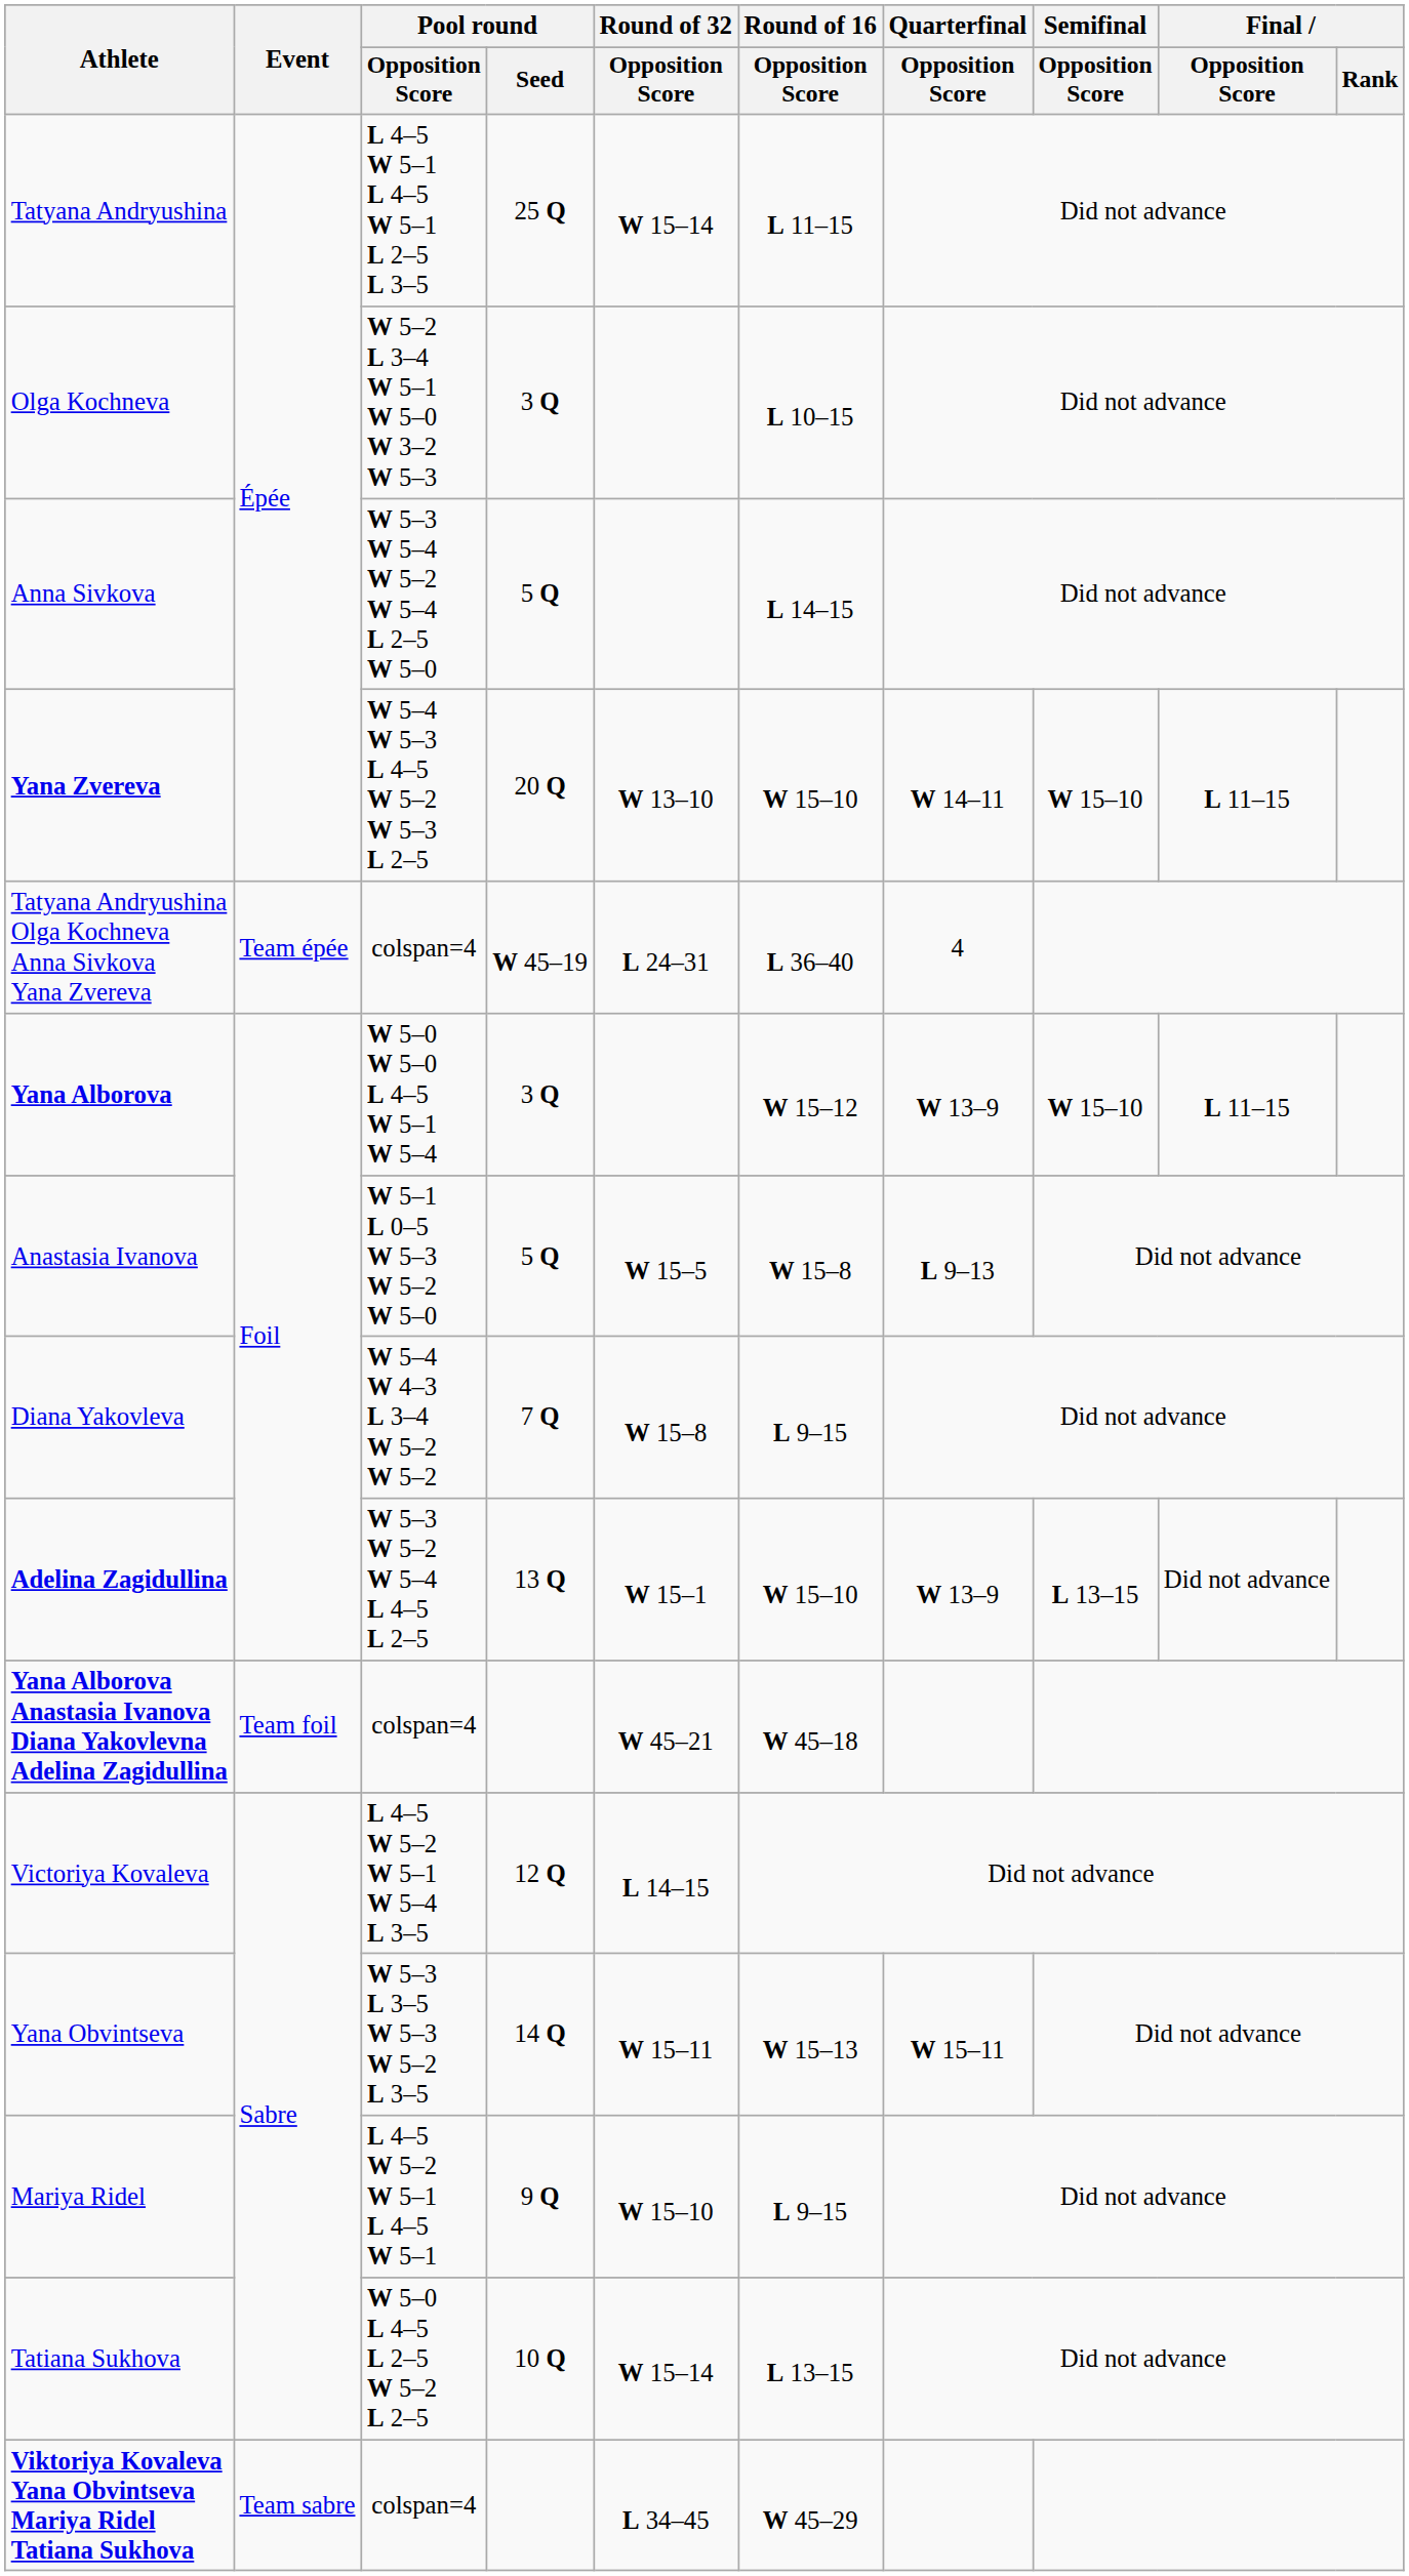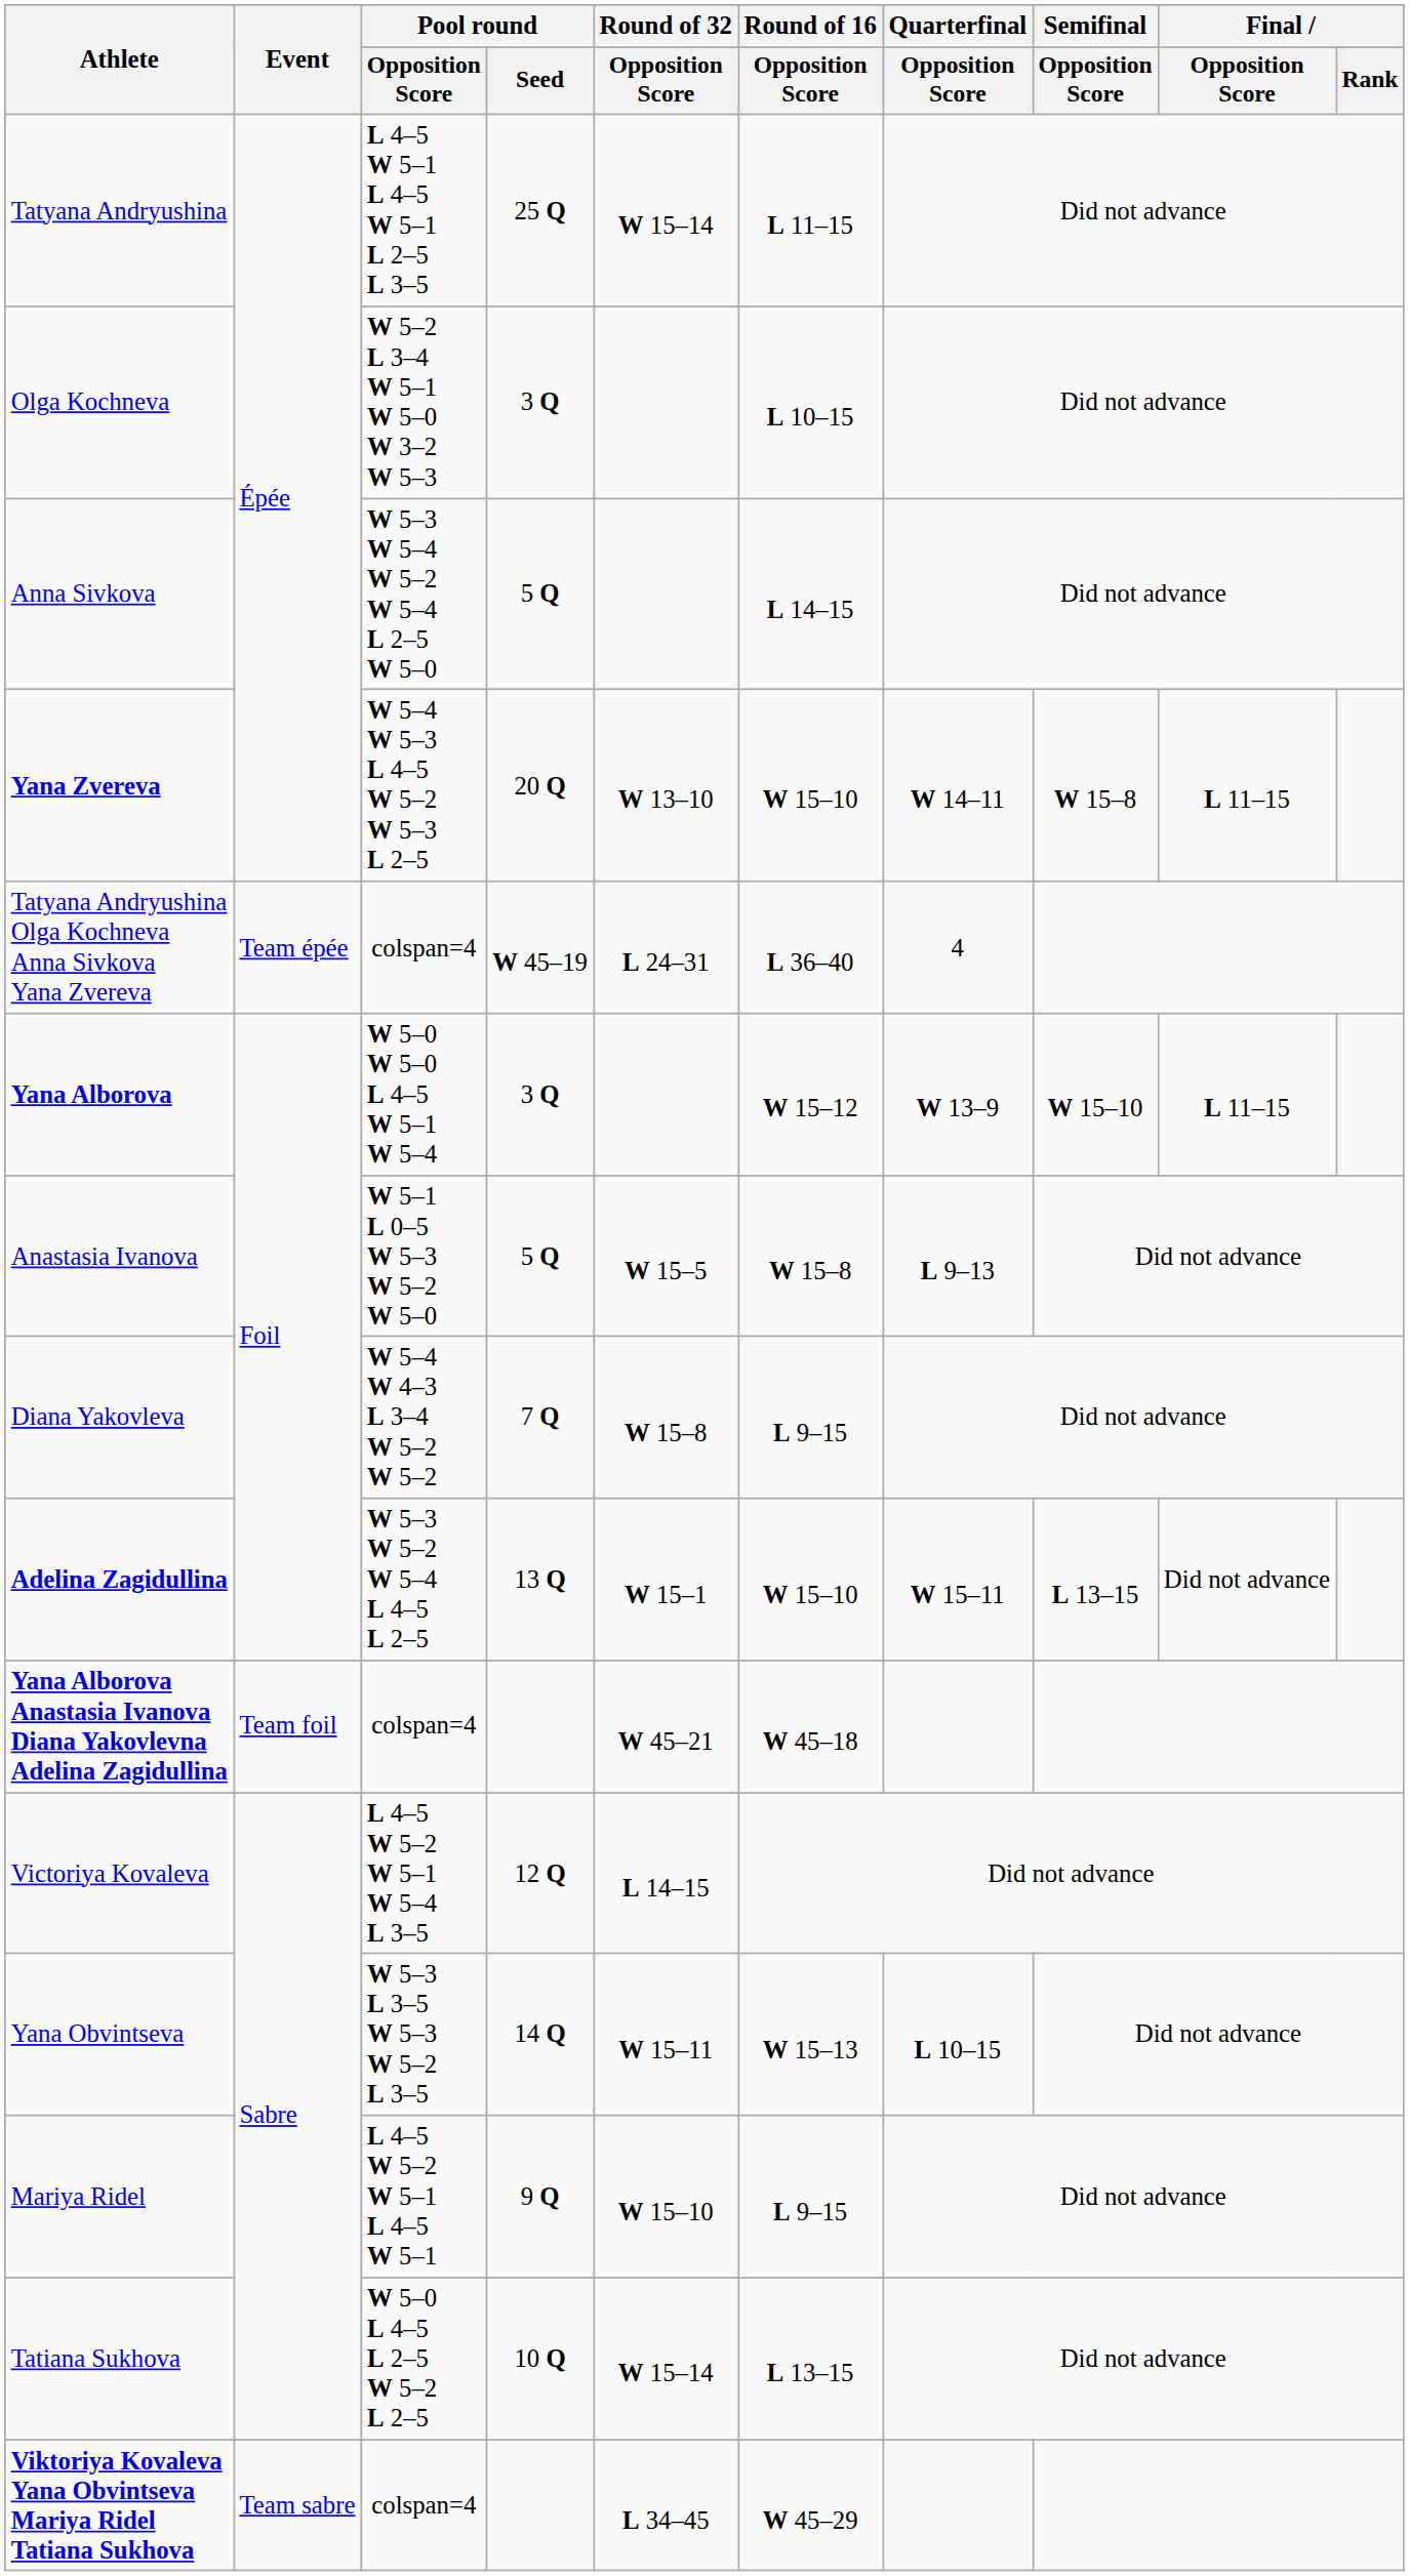 <table class="wikitable" style="text-align:center; font-size:90%">
 <tr>
 <th rowspan=2>Athlete</th>
 <th rowspan=2>Event</th>
 <th colspan=2>Pool round</th>
 <th>Round of 32</th>
 <th>Round of 16</th>
 <th>Quarterfinal</th>
 <th>Semifinal</th>
 <th colspan=2>Final / </th>
 </tr>
 <tr style="font-size:95%">
 <th>Opposition <br> Score</th>
 <th>Seed</th>
 <th>Opposition <br> Score</th>
 <th>Opposition <br> Score</th>
 <th>Opposition <br> Score</th>
 <th>Opposition <br> Score</th>
 <th>Opposition <br> Score</th>
 <th>Rank</th>
 </tr>
 <tr>
 <td align=left><a href='#'>Tatyana Andryushina</a></td>
 <td rowspan=4 align=left><a href='#'>Épée</a></td>
 <td align=left> <strong>L</strong> 4–5<br> <strong>W</strong> 5–1<br> <strong>L</strong> 4–5<br> <strong>W</strong> 5–1<br> <strong>L</strong> 2–5<br> <strong>L</strong> 3–5</td>
 <td>25 <strong>Q</strong></td>
 <td><br><strong>W</strong> 15–14</td>
 <td><br><strong>L</strong> 11–15</td>
 <td colspan=4>Did not advance</td>
 </tr>
 <tr>
 <td align=left><a href='#'>Olga Kochneva</a></td>
 <td align=left> <strong>W</strong> 5–2<br> <strong>L</strong> 3–4<br> <strong>W</strong> 5–1<br> <strong>W</strong> 5–0<br> <strong>W</strong> 3–2<br> <strong>W</strong> 5–3</td>
 <td>3 <strong>Q</strong></td>
 <td></td>
 <td><br><strong>L</strong> 10–15</td>
 <td colspan=4>Did not advance</td>
 </tr>
 <tr>
 <td align=left><a href='#'>Anna Sivkova</a></td>
 <td align=left> <strong>W</strong> 5–3<br> <strong>W</strong> 5–4<br> <strong>W</strong> 5–2<br> <strong>W</strong> 5–4<br> <strong>L</strong> 2–5<br> <strong>W</strong> 5–0</td>
 <td>5 <strong>Q</strong></td>
 <td></td>
 <td><br><strong>L</strong> 14–15</td>
 <td colspan=4>Did not advance</td>
 </tr>
 <tr>
 <td align=left><strong><a href='#'>Yana Zvereva</a></strong></td>
 <td align=left> <strong>W</strong> 5–4<br> <strong>W</strong> 5–3<br> <strong>L</strong> 4–5<br> <strong>W</strong> 5–2<br> <strong>W</strong> 5–3<br> <strong>L</strong> 2–5</td>
 <td>20 <strong>Q</strong></td>
 <td><br><strong>W</strong> 13–10</td>
 <td><br><strong>W</strong> 15–10</td>
 <td><br><strong>W</strong> 14–11</td>
-<td><br><strong>W</strong> 15–10</td>
+<td><br><strong>W</strong> 15–8</td>
 <td><br><strong>L</strong> 11–15</td>
 <td></td>
 </tr>
 <tr>
 <td align=left><a href='#'>Tatyana Andryushina</a><br><a href='#'>Olga Kochneva</a><br><a href='#'>Anna Sivkova</a><br><a href='#'>Yana Zvereva</a></td>
 <td align=left><a href='#'>Team épée</a></td>
 <td>colspan=4 </td>
 <td><br><strong>W</strong> 45–19</td>
 <td><br><strong>L</strong> 24–31</td>
 <td><br><strong>L</strong> 36–40</td>
 <td>4</td>
 </tr>
 <tr>
 <td align=left><strong><a href='#'>Yana Alborova</a></strong></td>
 <td rowspan=4 align=left><a href='#'>Foil</a></td>
 <td align=left> <strong>W</strong> 5–0<br> <strong>W</strong> 5–0<br> <strong>L</strong> 4–5<br> <strong>W</strong> 5–1<br> <strong>W</strong> 5–4</td>
 <td>3 <strong>Q</strong></td>
 <td></td>
 <td><br><strong>W</strong> 15–12</td>
 <td><br><strong>W</strong> 13–9</td>
 <td><br><strong>W</strong> 15–10</td>
 <td><br><strong>L</strong> 11–15</td>
 <td></td>
 </tr>
 <tr>
 <td align=left><a href='#'>Anastasia Ivanova</a></td>
 <td align=left> <strong>W</strong> 5–1<br> <strong>L</strong> 0–5<br> <strong>W</strong> 5–3<br> <strong>W</strong> 5–2<br> <strong>W</strong> 5–0</td>
 <td>5 <strong>Q</strong></td>
 <td><br><strong>W</strong> 15–5</td>
 <td><br><strong>W</strong> 15–8</td>
 <td><br><strong>L</strong> 9–13</td>
 <td colspan=3>Did not advance</td>
 </tr>
 <tr>
 <td align=left><a href='#'>Diana Yakovleva</a></td>
 <td align=left> <strong>W</strong> 5–4<br> <strong>W</strong> 4–3<br> <strong>L</strong> 3–4<br> <strong>W</strong> 5–2<br> <strong>W</strong> 5–2</td>
 <td>7 <strong>Q</strong></td>
 <td><br><strong>W</strong> 15–8</td>
 <td><br><strong>L</strong> 9–15</td>
 <td colspan=4>Did not advance</td>
 </tr>
 <tr>
 <td align=left><strong><a href='#'>Adelina Zagidullina</a></strong></td>
 <td align=left> <strong>W</strong> 5–3<br> <strong>W</strong> 5–2<br> <strong>W</strong> 5–4<br> <strong>L</strong> 4–5<br> <strong>L</strong> 2–5</td>
 <td>13 <strong>Q</strong></td>
 <td><br><strong>W</strong> 15–1</td>
 <td><br><strong>W</strong> 15–10</td>
-<td><br><strong>W</strong> 13–9</td>
+<td><br><strong>W</strong> 15–11</td>
 <td><br><strong>L</strong> 13–15</td>
 <td>Did not advance</td>
 <td></td>
 </tr>
 <tr>
 <td align=left><strong><a href='#'>Yana Alborova</a><br><a href='#'>Anastasia Ivanova</a><br><a href='#'>Diana Yakovlevna</a><br><a href='#'>Adelina Zagidullina</a></strong></td>
 <td align=left><a href='#'>Team foil</a></td>
 <td>colspan=4 </td>
 <td></td>
 <td><br><strong>W</strong> 45–21</td>
 <td><br><strong>W</strong> 45–18</td>
 <td></td>
 </tr>
 <tr>
 <td align=left><a href='#'>Victoriya Kovaleva</a></td>
 <td rowspan=4 align=left><a href='#'>Sabre</a></td>
 <td align=left> <strong>L</strong> 4–5<br> <strong>W</strong> 5–2<br> <strong>W</strong> 5–1<br> <strong>W</strong> 5–4<br> <strong>L</strong> 3–5</td>
 <td>12 <strong>Q</strong></td>
 <td><br><strong>L</strong> 14–15</td>
 <td colspan=5>Did not advance</td>
 </tr>
 <tr>
 <td align=left><a href='#'>Yana Obvintseva</a></td>
 <td align=left> <strong>W</strong> 5–3<br> <strong>L</strong> 3–5<br> <strong>W</strong> 5–3<br> <strong>W</strong> 5–2<br> <strong>L</strong> 3–5</td>
 <td>14 <strong>Q</strong></td>
 <td><br><strong>W</strong> 15–11</td>
 <td><br><strong>W</strong> 15–13</td>
-<td><br><strong>W</strong> 15–11</td>
+<td><br><strong>L</strong> 10–15</td>
 <td colspan=3>Did not advance</td>
 </tr>
 <tr>
 <td align=left><a href='#'>Mariya Ridel</a></td>
 <td align=left> <strong>L</strong> 4–5<br> <strong>W</strong> 5–2<br> <strong>W</strong> 5–1<br> <strong>L</strong> 4–5<br> <strong>W</strong> 5–1</td>
 <td>9 <strong>Q</strong></td>
 <td><br><strong>W</strong> 15–10</td>
 <td><br><strong>L</strong> 9–15</td>
 <td colspan=4>Did not advance</td>
 </tr>
 <tr>
 <td align=left><a href='#'>Tatiana Sukhova</a></td>
 <td align=left> <strong>W</strong> 5–0<br> <strong>L</strong> 4–5<br> <strong>L</strong> 2–5<br> <strong>W</strong> 5–2<br> <strong>L</strong> 2–5</td>
 <td>10 <strong>Q</strong></td>
 <td><br><strong>W</strong> 15–14</td>
 <td><br><strong>L</strong> 13–15</td>
 <td colspan=4>Did not advance</td>
 </tr>
 <tr>
 <td align=left><strong><a href='#'>Viktoriya Kovaleva</a><br><a href='#'>Yana Obvintseva</a><br><a href='#'>Mariya Ridel</a><br><a href='#'>Tatiana Sukhova</a></strong></td>
 <td align=left><a href='#'>Team sabre</a></td>
 <td>colspan=4 </td>
 <td></td>
 <td><br><strong>L</strong> 34–45</td>
 <td><br><strong>W</strong> 45–29</td>
 <td></td>
 </tr>
 </table>
